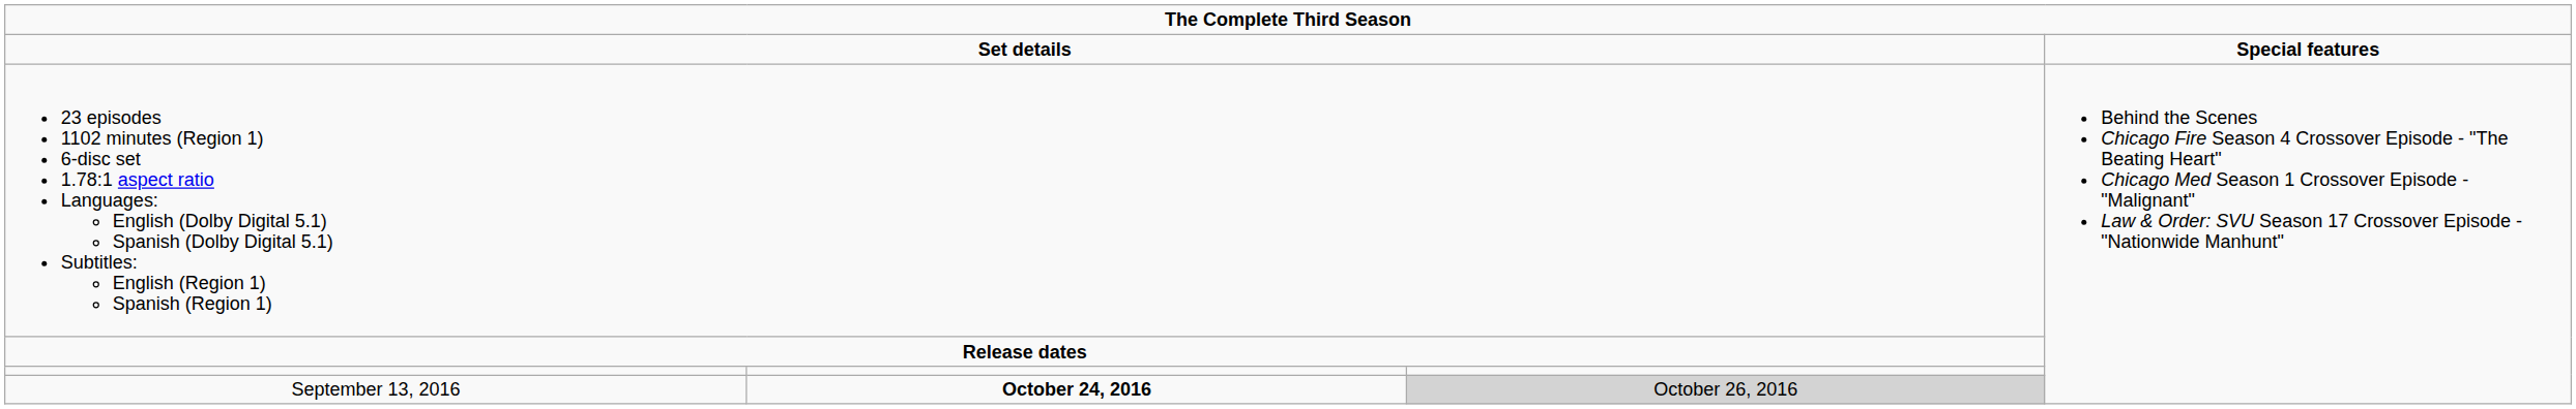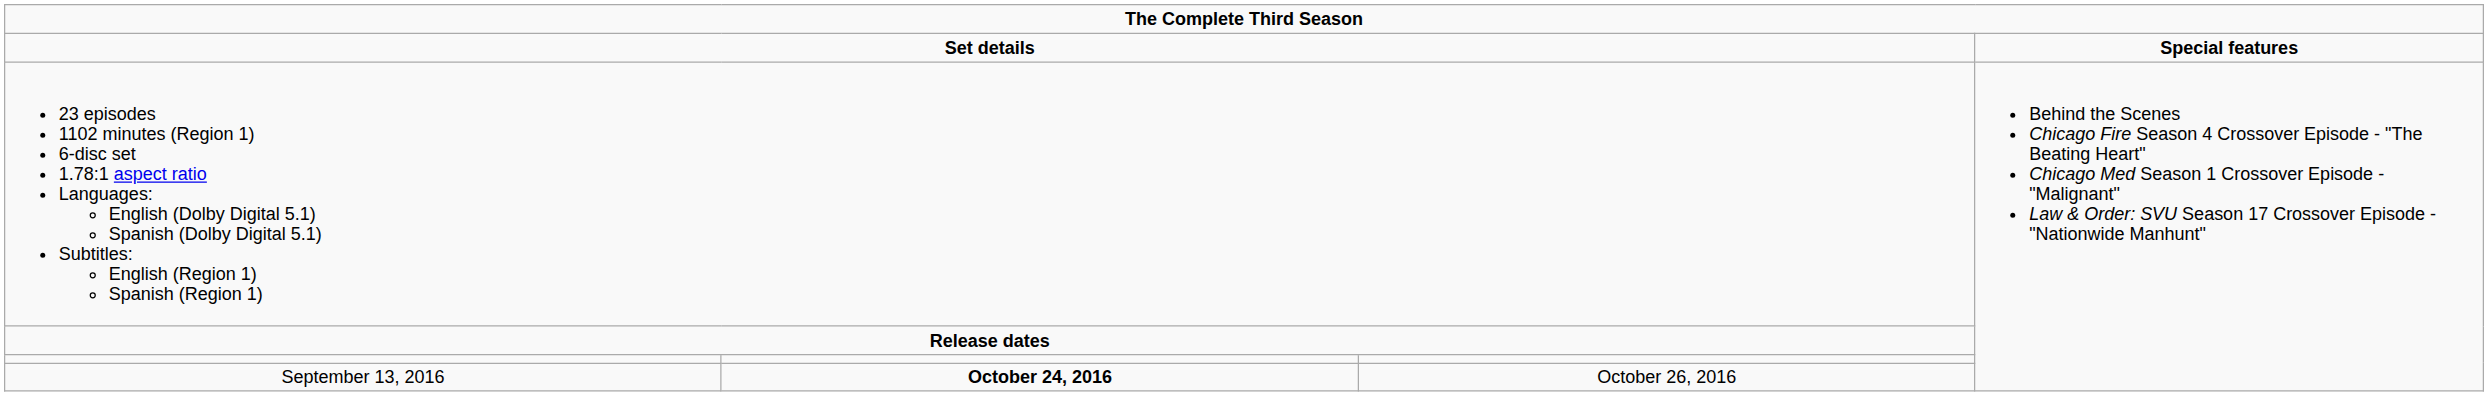 <table class="wikitable plainrowheaders" style="font-size:90%; text-align:center; width: 100%; margin-left: auto; margin-right: auto;">
 <tr>
 <td colspan="6"><strong>The Complete Third Season</strong></td>
 </tr>
 <tr>
 <td align="center" width="300" colspan="3"><strong>Set details</strong></td>
 <td width="400" align="center"><strong>Special features</strong></td>
 </tr>
 <tr valign="top">
 <td colspan="3" align="left" width="300"><br><ul><li>23 episodes</li><li>1102 minutes (Region 1)</li><li>6-disc set</li><li>1.78:1 <a href='#'>aspect ratio</a></li><li>Languages:<ul><li>English (Dolby Digital 5.1)</li><li>Spanish (Dolby Digital 5.1)</li></ul></li><li>Subtitles:<ul><li>English (Region 1)</li><li>Spanish (Region 1)</li></ul></li></ul></td>
 <td rowspan="4" align="left" width="400"><br><ul><li>Behind the Scenes</li><li><em>Chicago Fire</em> Season 4 Crossover Episode - "The Beating Heart"</li><li><em>Chicago Med</em> Season 1 Crossover Episode - "Malignant"</li><li><em>Law & Order: SVU</em> Season 17 Crossover Episode - "Nationwide Manhunt"</li></ul></td>
 </tr>
 <tr>
 <td colspan="3" align="center"><strong>Release dates</strong></td>
 </tr>
 <tr>
 <td align="center"></td>
 <td align="center"></td>
 <td align="center"></td>
 </tr>
 <tr>
 <td align="center">September 13, 2016</td>
 <td align="center"><strong>October 24, 2016</strong></td>
-<td align="center" style="background: lightgrey;">October 26, 2016</td>
+<td align="center">October 26, 2016</td>
 </tr>
 </table>
